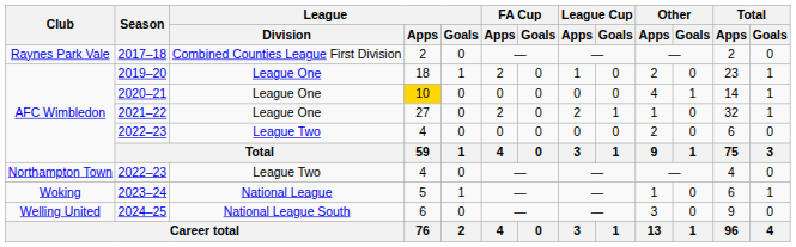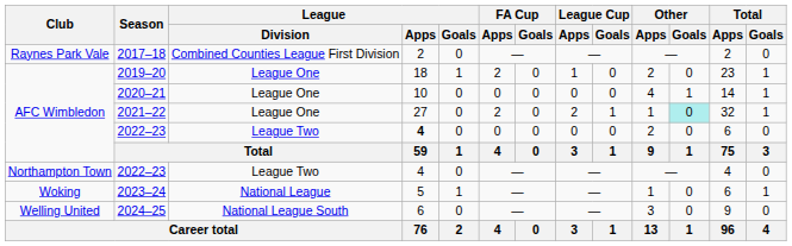 <table class="wikitable" style="text-align: center">
 <tr>
 <th rowspan="2">Club</th>
 <th rowspan="2">Season</th>
 <th colspan="3">League</th>
 <th colspan="2">FA Cup</th>
 <th colspan="2">League Cup</th>
 <th colspan="2">Other</th>
 <th colspan="2">Total</th>
 </tr>
 <tr>
 <th>Division</th>
 <th>Apps</th>
 <th>Goals</th>
 <th>Apps</th>
 <th>Goals</th>
 <th>Apps</th>
 <th>Goals</th>
 <th>Apps</th>
 <th>Goals</th>
 <th>Apps</th>
 <th>Goals</th>
 </tr>
 <tr>
 <td><a href='#'>Raynes Park Vale</a></td>
 <td><a href='#'>2017–18</a></td>
 <td><a href='#'>Combined Counties League</a> First Division</td>
 <td>2</td>
 <td>0</td>
 <td colspan="2">―</td>
 <td colspan="2">―</td>
 <td colspan="2">―</td>
 <td>2</td>
 <td>0</td>
 </tr>
 <tr>
 <td rowspan="5"><a href='#'>AFC Wimbledon</a></td>
 <td><a href='#'>2019–20</a></td>
 <td><a href='#'>League One</a></td>
 <td>18</td>
 <td>1</td>
 <td>2</td>
 <td>0</td>
 <td>1</td>
 <td>0</td>
 <td>2</td>
 <td>0</td>
 <td>23</td>
 <td>1</td>
 </tr>
 <tr>
 <td><a href='#'>2020–21</a></td>
 <td>League One</td>
-<td style="background: gold;">10</td>
+<td>10</td>
 <td>0</td>
 <td>0</td>
 <td>0</td>
 <td>0</td>
 <td>0</td>
 <td>4</td>
 <td>1</td>
 <td>14</td>
 <td>1</td>
 </tr>
 <tr>
 <td><a href='#'>2021–22</a></td>
 <td>League One</td>
 <td>27</td>
 <td>0</td>
 <td>2</td>
 <td>0</td>
 <td>2</td>
 <td>1</td>
 <td>1</td>
-<td>0</td>
+<td style="background: paleturquoise;">0</td>
 <td>32</td>
 <td>1</td>
 </tr>
 <tr>
 <td><a href='#'>2022–23</a></td>
 <td><a href='#'>League Two</a></td>
-<td>4</td>
+<td><strong>4</strong></td>
 <td>0</td>
 <td>0</td>
 <td>0</td>
 <td>0</td>
 <td>0</td>
 <td>2</td>
 <td>0</td>
 <td>6</td>
 <td>0</td>
 </tr>
 <tr>
 <th colspan="2">Total</th>
 <th>59</th>
 <th>1</th>
 <th>4</th>
 <th>0</th>
 <th>3</th>
 <th>1</th>
 <th>9</th>
 <th>1</th>
 <th>75</th>
 <th>3</th>
 </tr>
 <tr>
 <td><a href='#'>Northampton Town</a></td>
 <td><a href='#'>2022–23</a></td>
 <td>League Two</td>
 <td>4</td>
 <td>0</td>
 <td colspan="2">―</td>
 <td colspan="2">―</td>
 <td colspan="2">―</td>
 <td>4</td>
 <td>0</td>
 </tr>
 <tr>
 <td><a href='#'>Woking</a></td>
 <td><a href='#'>2023–24</a></td>
 <td><a href='#'>National League</a></td>
 <td>5</td>
 <td>1</td>
 <td colspan="2">―</td>
 <td colspan="2">―</td>
 <td>1</td>
 <td>0</td>
 <td>6</td>
 <td>1</td>
 </tr>
 <tr>
 <td><a href='#'>Welling United</a></td>
 <td><a href='#'>2024–25</a></td>
 <td><a href='#'>National League South</a></td>
 <td>6</td>
 <td>0</td>
 <td colspan="2">―</td>
 <td colspan="2">―</td>
 <td>3</td>
 <td>0</td>
 <td>9</td>
 <td>0</td>
 </tr>
 <tr>
 <th colspan="3">Career total</th>
 <th>76</th>
 <th>2</th>
 <th>4</th>
 <th>0</th>
 <th>3</th>
 <th>1</th>
 <th>13</th>
 <th>1</th>
 <th>96</th>
 <th>4</th>
 </tr>
 </table>
